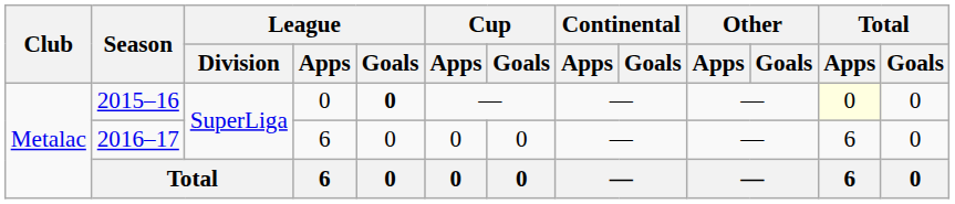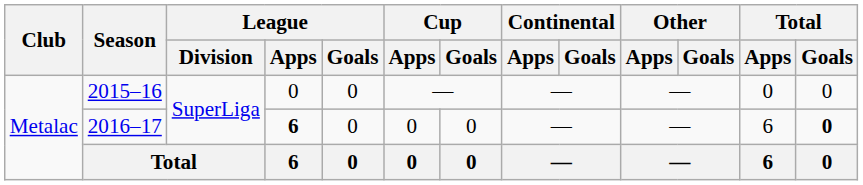 <table class="wikitable" style="text-align: center;font-size:90%">
 <tr>
 <th rowspan="2">Club</th>
 <th rowspan="2">Season</th>
 <th colspan="3">League</th>
 <th colspan="2">Cup</th>
 <th colspan="2">Continental</th>
 <th colspan="2">Other</th>
 <th colspan="2">Total</th>
 </tr>
 <tr>
 <th>Division</th>
 <th>Apps</th>
 <th>Goals</th>
 <th>Apps</th>
 <th>Goals</th>
 <th>Apps</th>
 <th>Goals</th>
 <th>Apps</th>
 <th>Goals</th>
 <th>Apps</th>
 <th>Goals</th>
 </tr>
 <tr>
 <td rowspan="3" valign="center"><a href='#'>Metalac</a></td>
 <td><a href='#'>2015–16</a></td>
 <td rowspan=2><a href='#'>SuperLiga</a></td>
 <td>0</td>
-<td><strong>0</strong></td>
+<td>0</td>
 <td colspan="2">—</td>
 <td colspan="2">—</td>
 <td colspan="2">—</td>
-<td style="background: lightyellow;">0</td>
+<td>0</td>
 <td>0</td>
 </tr>
 <tr>
 <td><a href='#'>2016–17</a></td>
-<td>6</td>
+<td><strong>6</strong></td>
 <td>0</td>
 <td>0</td>
 <td>0</td>
 <td colspan="2">—</td>
 <td colspan="2">—</td>
 <td>6</td>
-<td>0</td>
+<td><strong>0</strong></td>
 </tr>
 <tr>
 <th colspan="2">Total</th>
 <th>6</th>
 <th>0</th>
 <th>0</th>
 <th>0</th>
 <th colspan="2">—</th>
 <th colspan="2">—</th>
 <th>6</th>
 <th>0</th>
 </tr>
 </table>
